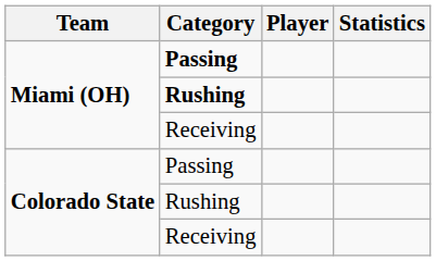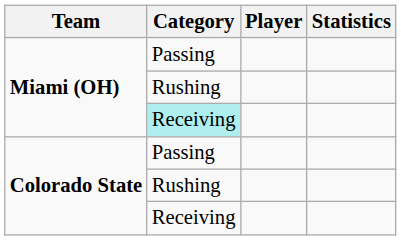 <table class="wikitable" style="float: right;">
 <tr>
 <th>Team</th>
 <th>Category</th>
 <th>Player</th>
 <th>Statistics</th>
 </tr>
 <tr>
 <td rowspan=3><strong>Miami (OH)</strong></td>
-<td><strong>Passing</strong></td>
+<td>Passing</td>
 <td></td>
 <td></td>
 </tr>
 <tr>
-<td><strong>Rushing</strong></td>
+<td>Rushing</td>
 <td></td>
 <td></td>
 </tr>
 <tr>
-<td>Receiving</td>
+<td style="background: paleturquoise;">Receiving</td>
 <td></td>
 <td></td>
 </tr>
 <tr>
 <td rowspan=3><strong>Colorado State</strong></td>
 <td>Passing</td>
 <td></td>
 <td></td>
 </tr>
 <tr>
 <td>Rushing</td>
 <td></td>
 <td></td>
 </tr>
 <tr>
 <td>Receiving</td>
 <td></td>
 <td></td>
 </tr>
 </table>
